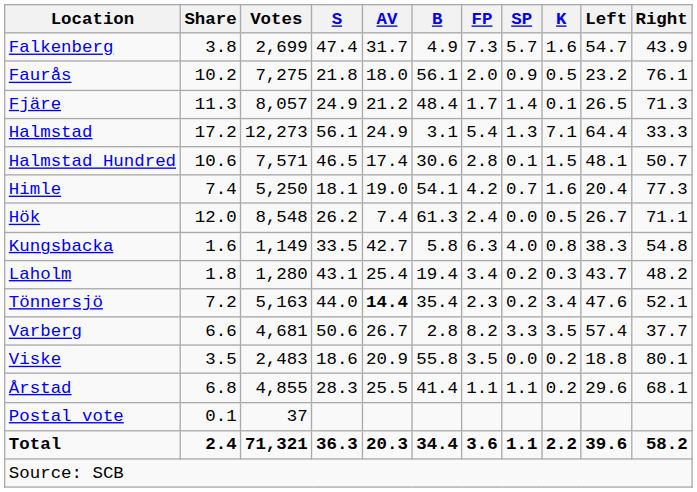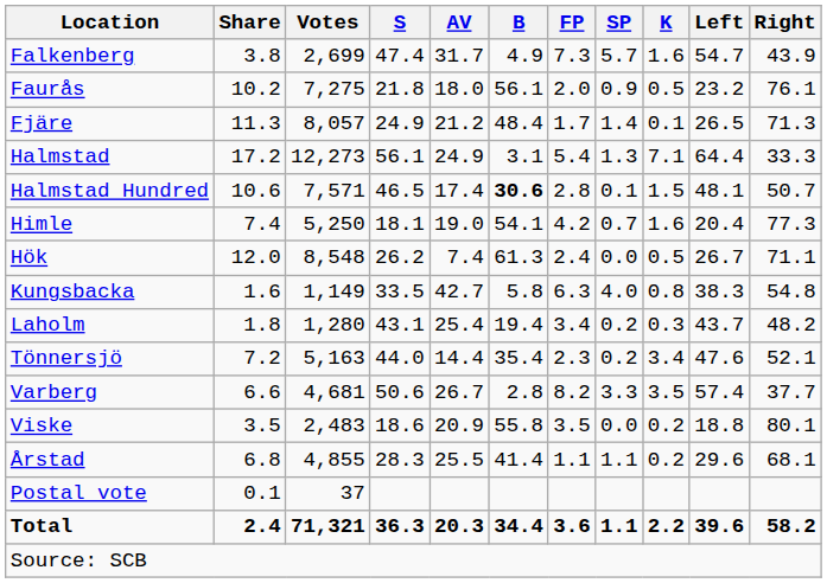 <table class="wikitable sortable" style=text-align:right>
 <tr>
 <th>Location</th>
 <th>Share</th>
 <th>Votes</th>
 <th><a href='#'>S</a></th>
 <th><a href='#'>AV</a></th>
 <th><a href='#'>B</a></th>
 <th><a href='#'>FP</a></th>
 <th><a href='#'>SP</a></th>
 <th><a href='#'>K</a></th>
 <th>Left</th>
 <th>Right</th>
 </tr>
 <tr>
 <td align=left><a href='#'>Falkenberg</a></td>
 <td>3.8</td>
 <td>2,699</td>
 <td>47.4</td>
 <td>31.7</td>
 <td>4.9</td>
 <td>7.3</td>
 <td>5.7</td>
 <td>1.6</td>
 <td>54.7</td>
 <td>43.9</td>
 </tr>
 <tr>
 <td align=left><a href='#'>Faurås</a></td>
 <td>10.2</td>
 <td>7,275</td>
 <td>21.8</td>
 <td>18.0</td>
 <td>56.1</td>
 <td>2.0</td>
 <td>0.9</td>
 <td>0.5</td>
 <td>23.2</td>
 <td>76.1</td>
 </tr>
 <tr>
 <td align=left><a href='#'>Fjäre</a></td>
 <td>11.3</td>
 <td>8,057</td>
 <td>24.9</td>
 <td>21.2</td>
 <td>48.4</td>
 <td>1.7</td>
 <td>1.4</td>
 <td>0.1</td>
 <td>26.5</td>
 <td>71.3</td>
 </tr>
 <tr>
 <td align=left><a href='#'>Halmstad</a></td>
 <td>17.2</td>
 <td>12,273</td>
 <td>56.1</td>
 <td>24.9</td>
 <td>3.1</td>
 <td>5.4</td>
 <td>1.3</td>
 <td>7.1</td>
 <td>64.4</td>
 <td>33.3</td>
 </tr>
 <tr>
 <td align=left><a href='#'>Halmstad Hundred</a></td>
 <td>10.6</td>
 <td>7,571</td>
 <td>46.5</td>
 <td>17.4</td>
-<td>30.6</td>
+<td><strong>30.6</strong></td>
 <td>2.8</td>
 <td>0.1</td>
 <td>1.5</td>
 <td>48.1</td>
 <td>50.7</td>
 </tr>
 <tr>
 <td align=left><a href='#'>Himle</a></td>
 <td>7.4</td>
 <td>5,250</td>
 <td>18.1</td>
 <td>19.0</td>
 <td>54.1</td>
 <td>4.2</td>
 <td>0.7</td>
 <td>1.6</td>
 <td>20.4</td>
 <td>77.3</td>
 </tr>
 <tr>
 <td align=left><a href='#'>Hök</a></td>
 <td>12.0</td>
 <td>8,548</td>
 <td>26.2</td>
 <td>7.4</td>
 <td>61.3</td>
 <td>2.4</td>
 <td>0.0</td>
 <td>0.5</td>
 <td>26.7</td>
 <td>71.1</td>
 </tr>
 <tr>
 <td align=left><a href='#'>Kungsbacka</a></td>
 <td>1.6</td>
 <td>1,149</td>
 <td>33.5</td>
 <td>42.7</td>
 <td>5.8</td>
 <td>6.3</td>
 <td>4.0</td>
 <td>0.8</td>
 <td>38.3</td>
 <td>54.8</td>
 </tr>
 <tr>
 <td align=left><a href='#'>Laholm</a></td>
 <td>1.8</td>
 <td>1,280</td>
 <td>43.1</td>
 <td>25.4</td>
 <td>19.4</td>
 <td>3.4</td>
 <td>0.2</td>
 <td>0.3</td>
 <td>43.7</td>
 <td>48.2</td>
 </tr>
 <tr>
 <td align=left><a href='#'>Tönnersjö</a></td>
 <td>7.2</td>
 <td>5,163</td>
 <td>44.0</td>
-<td><strong>14.4</strong></td>
+<td>14.4</td>
 <td>35.4</td>
 <td>2.3</td>
 <td>0.2</td>
 <td>3.4</td>
 <td>47.6</td>
 <td>52.1</td>
 </tr>
 <tr>
 <td align=left><a href='#'>Varberg</a></td>
 <td>6.6</td>
 <td>4,681</td>
 <td>50.6</td>
 <td>26.7</td>
 <td>2.8</td>
 <td>8.2</td>
 <td>3.3</td>
 <td>3.5</td>
 <td>57.4</td>
 <td>37.7</td>
 </tr>
 <tr>
 <td align=left><a href='#'>Viske</a></td>
 <td>3.5</td>
 <td>2,483</td>
 <td>18.6</td>
 <td>20.9</td>
 <td>55.8</td>
 <td>3.5</td>
 <td>0.0</td>
 <td>0.2</td>
 <td>18.8</td>
 <td>80.1</td>
 </tr>
 <tr>
 <td align=left><a href='#'>Årstad</a></td>
 <td>6.8</td>
 <td>4,855</td>
 <td>28.3</td>
 <td>25.5</td>
 <td>41.4</td>
 <td>1.1</td>
 <td>1.1</td>
 <td>0.2</td>
 <td>29.6</td>
 <td>68.1</td>
 </tr>
 <tr>
 <td align=left><a href='#'>Postal vote</a></td>
 <td>0.1</td>
 <td>37</td>
 <td></td>
 <td></td>
 <td></td>
 <td></td>
 <td></td>
 <td></td>
 <td></td>
 <td></td>
 </tr>
 <tr>
 <td align=left><strong>Total</strong></td>
 <td><strong>2.4</strong></td>
 <td><strong>71,321</strong></td>
 <td><strong>36.3</strong></td>
 <td><strong>20.3</strong></td>
 <td><strong>34.4</strong></td>
 <td><strong>3.6</strong></td>
 <td><strong>1.1</strong></td>
 <td><strong>2.2</strong></td>
 <td><strong>39.6</strong></td>
 <td><strong>58.2</strong></td>
 </tr>
 <tr>
 <td align=left colspan=11>Source: SCB </td>
 </tr>
 </table>
